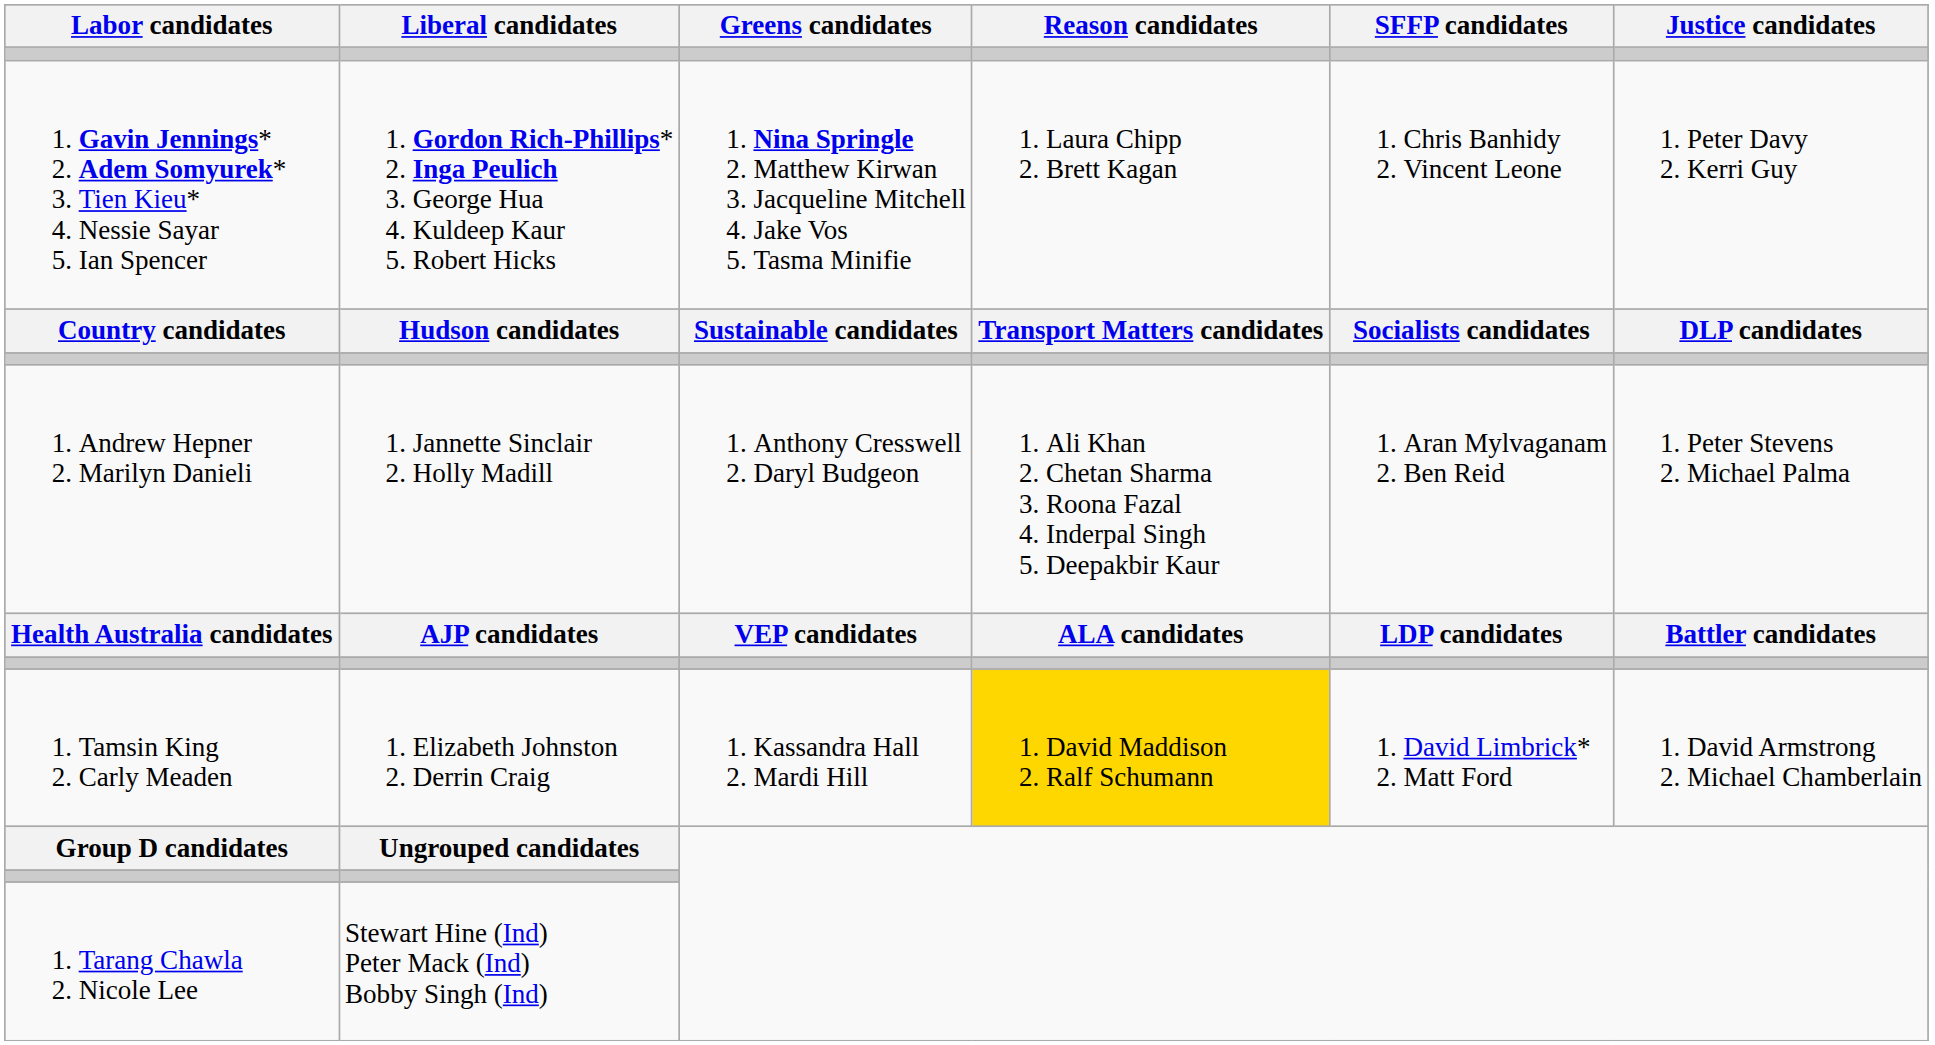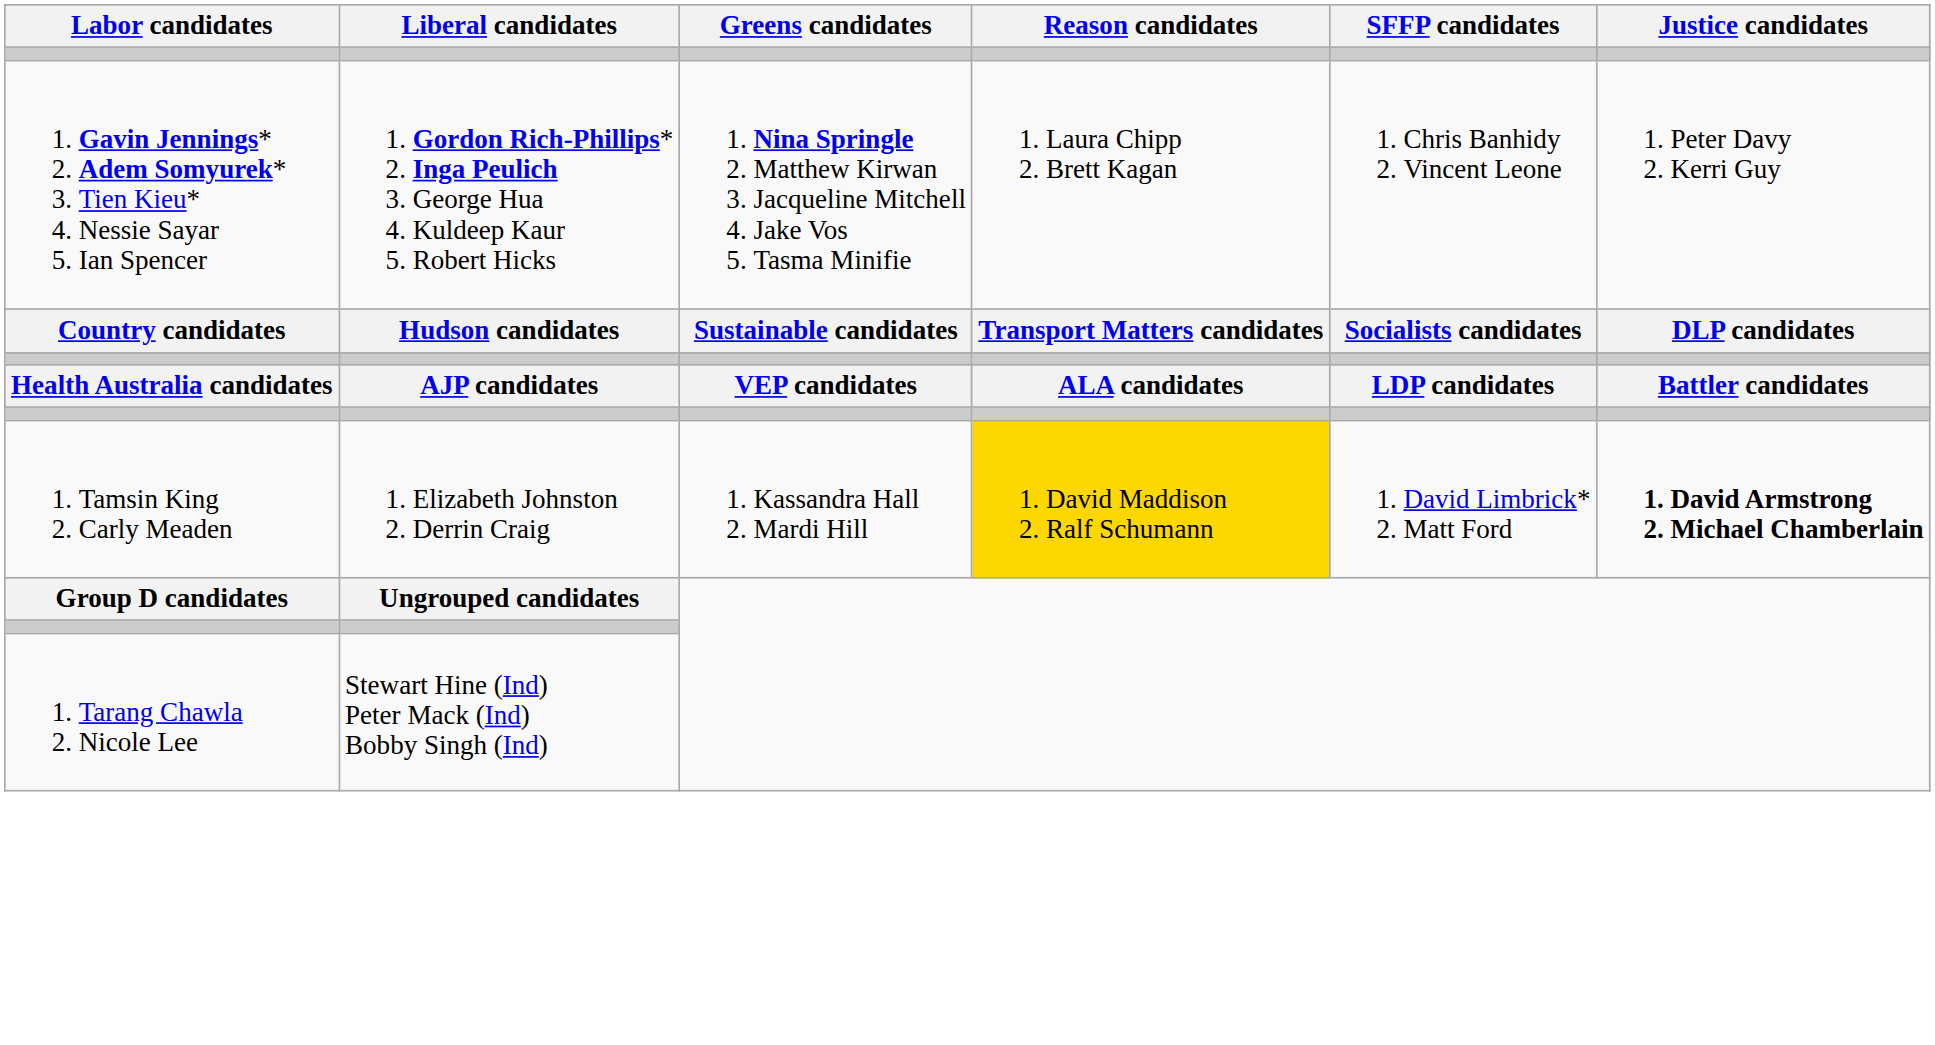 <table class="wikitable">
 <tr>
 <th><a href='#'>Labor</a> candidates</th>
 <th><a href='#'>Liberal</a> candidates</th>
 <th><a href='#'>Greens</a> candidates</th>
 <th><a href='#'>Reason</a> candidates</th>
 <th><a href='#'>SFFP</a> candidates</th>
 <th><a href='#'>Justice</a> candidates</th>
 </tr>
 <tr bgcolor="#cccccc">
 <td></td>
 <td></td>
 <td></td>
 <td></td>
 <td></td>
 <td></td>
 </tr>
 <tr>
 <td><br><ol><li><strong><a href='#'>Gavin Jennings</a></strong>*</li><li><strong><a href='#'>Adem Somyurek</a></strong>*</li><li><a href='#'>Tien Kieu</a>*</li><li>Nessie Sayar</li><li>Ian Spencer</li></ol></td>
 <td><br><ol><li><strong><a href='#'>Gordon Rich-Phillips</a></strong>*</li><li><strong><a href='#'>Inga Peulich</a></strong></li><li>George Hua</li><li>Kuldeep Kaur</li><li>Robert Hicks</li></ol></td>
 <td valign=top><br><ol><li><strong><a href='#'>Nina Springle</a></strong></li><li>Matthew Kirwan</li><li>Jacqueline Mitchell</li><li>Jake Vos</li><li>Tasma Minifie</li></ol></td>
 <td valign=top><br><ol><li>Laura Chipp</li><li>Brett Kagan</li></ol></td>
 <td valign=top><br><ol><li>Chris Banhidy</li><li>Vincent Leone</li></ol></td>
 <td valign=top><br><ol><li>Peter Davy</li><li>Kerri Guy</li></ol></td>
 </tr>
 <tr bgcolor="#cccccc">
 <th><a href='#'>Country</a> candidates</th>
 <th><a href='#'>Hudson</a> candidates</th>
 <th><a href='#'>Sustainable</a> candidates</th>
 <th><a href='#'>Transport Matters</a> candidates</th>
 <th><a href='#'>Socialists</a> candidates</th>
 <th><a href='#'>DLP</a> candidates</th>
 </tr>
 <tr bgcolor="#cccccc">
 <td></td>
 <td></td>
 <td></td>
 <td></td>
 <td></td>
 <td></td>
 </tr>
-<tr>
-<td valign=top><br><ol><li>Andrew Hepner</li><li>Marilyn Danieli</li></ol></td>
-<td valign=top><br><ol><li>Jannette Sinclair</li><li>Holly Madill</li></ol></td>
-<td valign=top><br><ol><li>Anthony Cresswell</li><li>Daryl Budgeon</li></ol></td>
-<td valign=top><br><ol><li>Ali Khan</li><li>Chetan Sharma</li><li>Roona Fazal</li><li>Inderpal Singh</li><li>Deepakbir Kaur</li></ol></td>
-<td valign=top><br><ol><li>Aran Mylvaganam</li><li>Ben Reid</li></ol></td>
-<td valign=top><br><ol><li>Peter Stevens</li><li>Michael Palma</li></ol></td>
-</tr>
 <tr bgcolor="#cccccc">
 <th><a href='#'>Health Australia</a> candidates</th>
 <th><a href='#'>AJP</a> candidates</th>
 <th><a href='#'>VEP</a> candidates</th>
 <th><a href='#'>ALA</a> candidates</th>
 <th><a href='#'>LDP</a> candidates</th>
 <th><a href='#'>Battler</a> candidates</th>
 </tr>
 <tr bgcolor="#cccccc">
 <td></td>
 <td></td>
 <td></td>
 <td></td>
 <td></td>
 <td></td>
 </tr>
 <tr>
 <td valign=top><br><ol><li>Tamsin King</li><li>Carly Meaden</li></ol></td>
 <td valign=top><br><ol><li>Elizabeth Johnston</li><li>Derrin Craig</li></ol></td>
 <td valign=top><br><ol><li>Kassandra Hall</li><li>Mardi Hill</li></ol></td>
 <td valign=top style="background: gold;"><br><ol><li>David Maddison</li><li>Ralf Schumann</li></ol></td>
 <td><br><ol><li><a href='#'>David Limbrick</a>*</li><li>Matt Ford</li></ol></td>
-<td valign=top><br><ol><li>David Armstrong</li><li>Michael Chamberlain</li></ol></td>
+<td valign=top><strong><br><ol><li>David Armstrong</li><li>Michael Chamberlain</li></ol></strong></td>
 </tr>
 <tr bgcolor="#cccccc">
 <th>Group D candidates</th>
 <th>Ungrouped candidates</th>
 </tr>
 <tr bgcolor="#cccccc">
 <td></td>
 <td></td>
 </tr>
 <tr>
 <td valign=top><br><ol><li><a href='#'>Tarang Chawla</a></li><li>Nicole Lee</li></ol></td>
 <td valign=top><br>Stewart Hine (<a href='#'>Ind</a>)<br> Peter Mack (<a href='#'>Ind</a>)<br> Bobby Singh (<a href='#'>Ind</a>)</td>
 </tr>
 </table>
